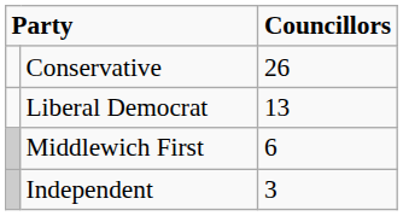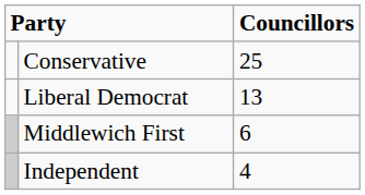 <table class="wikitable">
 <tr>
 <td width="150" colspan=2><strong>Party</strong></td>
 <td><strong>Councillors</strong></td>
 </tr>
 <tr>
 <td style="color:inherit;background:"></td>
 <td>Conservative</td>
-<td>26</td>
+<td>25</td>
 </tr>
 <tr>
 <td style="color:inherit;background:"></td>
 <td>Liberal Democrat</td>
 <td>13</td>
 </tr>
 <tr>
 <td style="color:inherit;background:#CCCCCC"></td>
 <td>Middlewich First</td>
 <td>6</td>
 </tr>
 <tr>
 <td style="color:inherit;background:#CCCCCC"></td>
 <td>Independent</td>
-<td>3</td>
+<td>4</td>
 </tr>
 </table>
